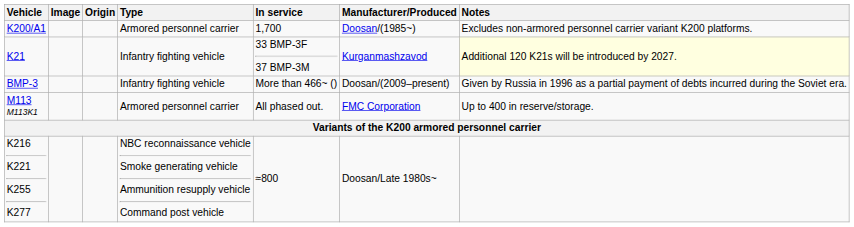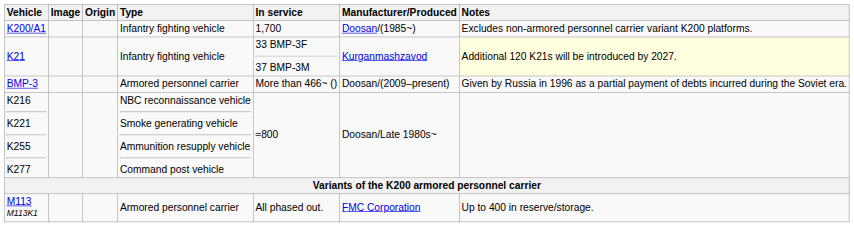 <table class="wikitable sortable">
 <tr>
 <th style="text-align:left;">Vehicle</th>
 <th>Image</th>
 <th>Origin</th>
 <th style="text-align:left;">Type</th>
 <th style="text-align:left;">In service</th>
 <th style="text-align:left;">Manufacturer/Produced</th>
 <th style="text-align:left;">Notes</th>
 </tr>
 <tr>
 <td><a href='#'>K200/A1</a></td>
 <td></td>
 <td></td>
-<td>Armored personnel carrier</td>
+<td>Infantry fighting vehicle</td>
 <td>1,700</td>
 <td><a href='#'>Doosan</a>/(1985~)</td>
 <td>Excludes non-armored personnel carrier variant K200 platforms.</td>
 </tr>
 <tr>
 <td><a href='#'>K21</a></td>
 <td></td>
 <td></td>
 <td>Infantry fighting vehicle</td>
 <td>33 BMP-3F<hr>37 BMP-3M</td>
 <td><a href='#'>Kurganmashzavod</a></td>
 <td style="background: lightyellow;">Additional 120 K21s will be introduced by 2027.</td>
 </tr>
 <tr>
 <td><a href='#'>BMP-3</a></td>
 <td></td>
 <td></td>
-<td>Infantry fighting vehicle</td>
+<td>Armored personnel carrier</td>
 <td>More than 466~ () </td>
 <td>Doosan/(2009–present)</td>
 <td>Given by Russia in 1996 as a partial payment of debts incurred during the Soviet era.</td>
+</tr>
+<tr>
+<td>K216<hr>K221<hr>K255<hr>K277</td>
+<td></td>
+<td></td>
+<td>NBC reconnaissance vehicle<hr>Smoke generating vehicle <hr> Ammunition resupply vehicle<hr> Command post vehicle</td>
+<td>≈800</td>
+<td>Doosan/Late 1980s~</td>
+<td></td>
+</tr>
+<tr>
+<th colspan="7" style="align: center;">Variants of the K200 armored personnel carrier</th>
 </tr>
 <tr>
 <td><a href='#'>M113</a><br><small><em>M113K1</em></small></td>
 <td></td>
 <td></td>
 <td>Armored personnel carrier</td>
 <td>All phased out.</td>
 <td><a href='#'>FMC Corporation</a></td>
 <td>Up to 400 in reserve/storage.</td>
 </tr>
-<tr>
-<th colspan="7" style="align: center;">Variants of the K200 armored personnel carrier</th>
-</tr>
-<tr>
-<td>K216<hr>K221<hr>K255<hr>K277</td>
-<td></td>
-<td></td>
-<td>NBC reconnaissance vehicle<hr>Smoke generating vehicle <hr> Ammunition resupply vehicle<hr> Command post vehicle</td>
-<td>≈800</td>
-<td>Doosan/Late 1980s~</td>
-<td></td>
-</tr>
 </table>
